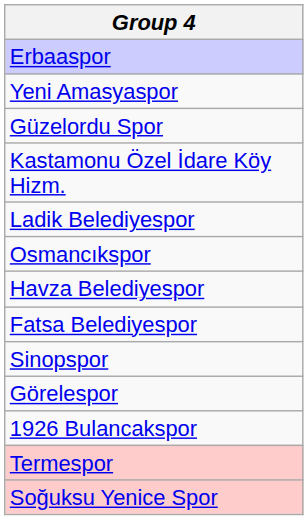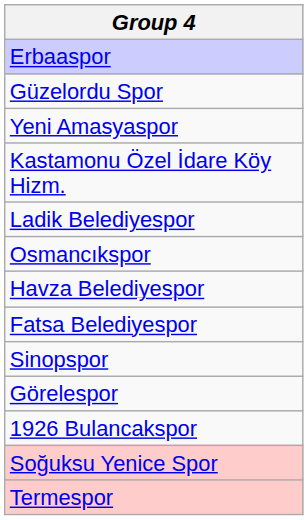 <table class="wikitable collapsible collapsed" style="font-size:95%;">
 <tr>
 <th colspan="1" width="200"><em>Group 4</em></th>
 </tr>
 <tr>
 <td style="background:#ccccff;"><a href='#'>Erbaaspor</a></td>
 </tr>
 <tr>
-<td><a href='#'>Yeni Amasyaspor</a></td>
+<td><a href='#'>Güzelordu Spor</a></td>
 </tr>
 <tr>
-<td><a href='#'>Güzelordu Spor</a></td>
+<td><a href='#'>Yeni Amasyaspor</a></td>
 </tr>
 <tr>
 <td><a href='#'>Kastamonu Özel İdare Köy Hizm.</a></td>
 </tr>
 <tr>
 <td><a href='#'>Ladik Belediyespor</a></td>
 </tr>
 <tr>
 <td><a href='#'>Osmancıkspor</a></td>
 </tr>
 <tr>
 <td><a href='#'>Havza Belediyespor</a></td>
 </tr>
 <tr>
 <td><a href='#'>Fatsa Belediyespor</a></td>
 </tr>
 <tr>
 <td><a href='#'>Sinopspor</a></td>
 </tr>
 <tr>
 <td><a href='#'>Görelespor</a></td>
 </tr>
 <tr>
 <td><a href='#'>1926 Bulancakspor</a></td>
 </tr>
 <tr>
+<td style="background:#fcc;"><a href='#'>Soğuksu Yenice Spor</a></td>
+</tr>
+<tr>
 <td style="background:#fcc;"><a href='#'>Termespor</a></td>
 </tr>
-<tr>
-<td style="background:#fcc;"><a href='#'>Soğuksu Yenice Spor</a></td>
-</tr>
 </table>
